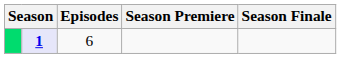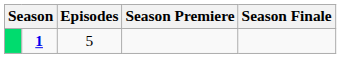 <table class="wikitable">
 <tr>
 <th colspan="2">Season</th>
 <th>Episodes</th>
 <th>Season Premiere</th>
 <th>Season Finale</th>
 </tr>
 <tr>
 <td style="background:#00dc6e; height:5px;"></td>
-<td style="background: lavender; text-align:center;"><strong><a href='#'>1</a></strong></td>
-<td style="text-align:center;">6</td>
+<td style="text-align:center;"><strong><a href='#'>1</a></strong></td>
+<td style="text-align:center;">5</td>
 <td style="text-align:center;"></td>
 <td style="text-align:center;"></td>
 </tr>
 </table>
